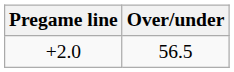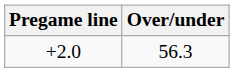 <table class="wikitable" style="margin-left: auto; margin-right: auto; border: none; display: inline-table;">
 <tr align="center">
 <th style=>Pregame line</th>
 <th style=>Over/under</th>
 </tr>
 <tr align="center">
 <td>+2.0</td>
-<td>56.5</td>
+<td>56.3</td>
 </tr>
 </table>
